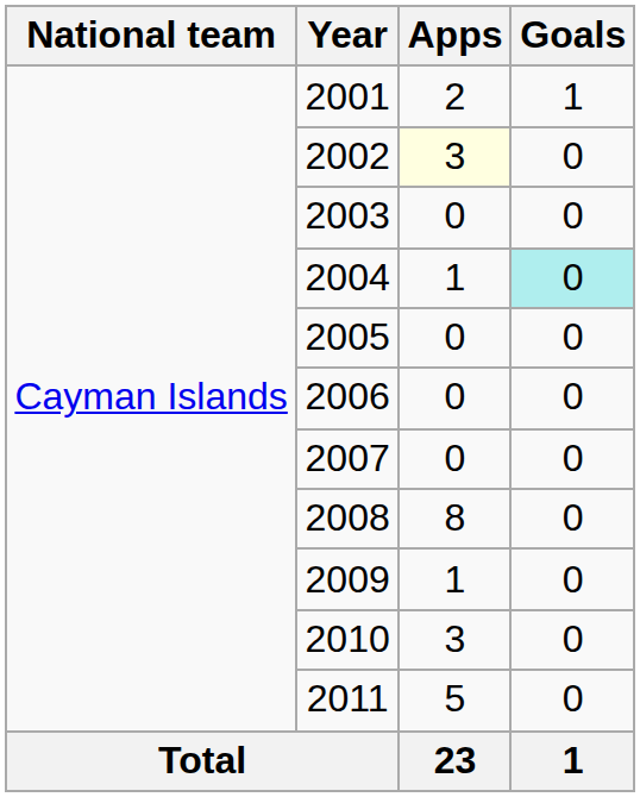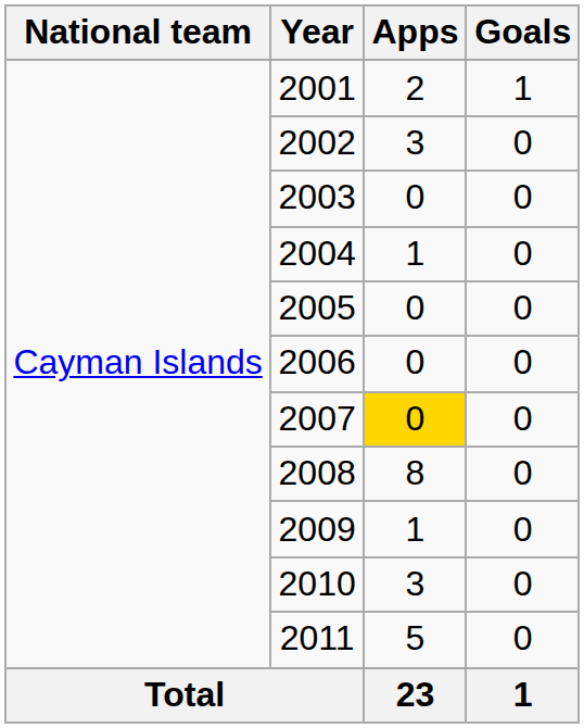 <table class="wikitable" style="text-align:center">
 <tr>
 <th>National team</th>
 <th>Year</th>
 <th>Apps</th>
 <th>Goals</th>
 </tr>
 <tr>
 <td rowspan="11"><a href='#'>Cayman Islands</a></td>
 <td>2001</td>
 <td>2</td>
 <td>1</td>
 </tr>
 <tr>
 <td>2002</td>
-<td style="background: lightyellow;">3</td>
+<td>3</td>
 <td>0</td>
 </tr>
 <tr>
 <td>2003</td>
 <td>0</td>
 <td>0</td>
 </tr>
 <tr>
 <td>2004</td>
 <td>1</td>
-<td style="background: paleturquoise;">0</td>
+<td>0</td>
 </tr>
 <tr>
 <td>2005</td>
 <td>0</td>
 <td>0</td>
 </tr>
 <tr>
 <td>2006</td>
 <td>0</td>
 <td>0</td>
 </tr>
 <tr>
 <td>2007</td>
-<td>0</td>
+<td style="background: gold;">0</td>
 <td>0</td>
 </tr>
 <tr>
 <td>2008</td>
 <td>8</td>
 <td>0</td>
 </tr>
 <tr>
 <td>2009</td>
 <td>1</td>
 <td>0</td>
 </tr>
 <tr>
 <td>2010</td>
 <td>3</td>
 <td>0</td>
 </tr>
 <tr>
 <td>2011</td>
 <td>5</td>
 <td>0</td>
 </tr>
 <tr>
 <th colspan=2>Total</th>
 <th>23</th>
 <th>1</th>
 </tr>
 </table>
